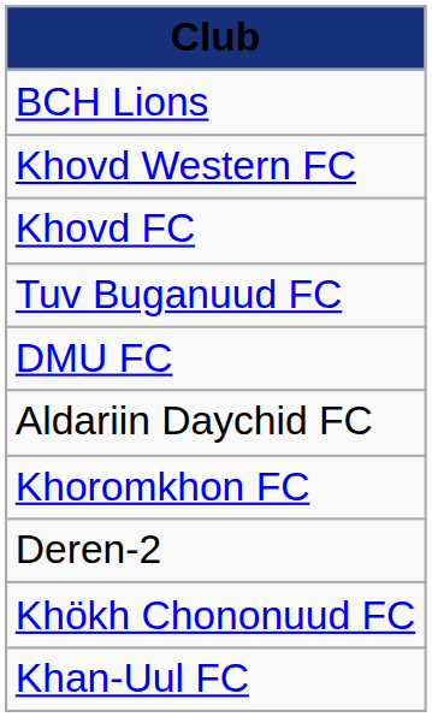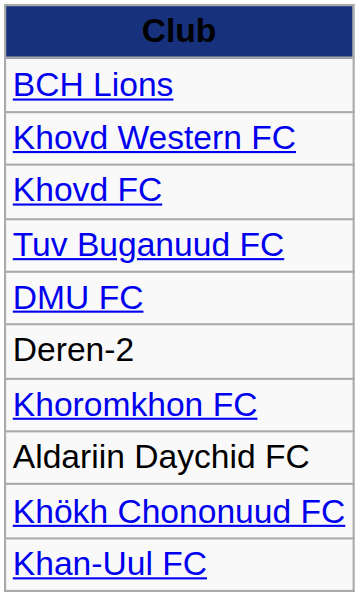 <table class="wikitable sortable" style="text-align:left">
 <tr>
 <th style="background:#17317c;"><span>Club</span></th>
 </tr>
 <tr>
 <td><a href='#'>BCH Lions</a></td>
 </tr>
 <tr>
 <td><a href='#'>Khovd Western FC</a></td>
 </tr>
 <tr>
 <td><a href='#'>Khovd FC</a></td>
 </tr>
 <tr>
 <td><a href='#'>Tuv Buganuud FC</a></td>
 </tr>
 <tr>
 <td><a href='#'>DMU FC</a></td>
 </tr>
 <tr>
-<td>Aldariin Daychid FC</td>
+<td>Deren-2</td>
 </tr>
 <tr>
 <td><a href='#'>Khoromkhon FC</a></td>
 </tr>
 <tr>
-<td>Deren-2</td>
+<td>Aldariin Daychid FC</td>
 </tr>
 <tr>
 <td><a href='#'>Khökh Chononuud FC</a></td>
 </tr>
 <tr>
 <td><a href='#'>Khan-Uul FC</a></td>
 </tr>
 </table>
